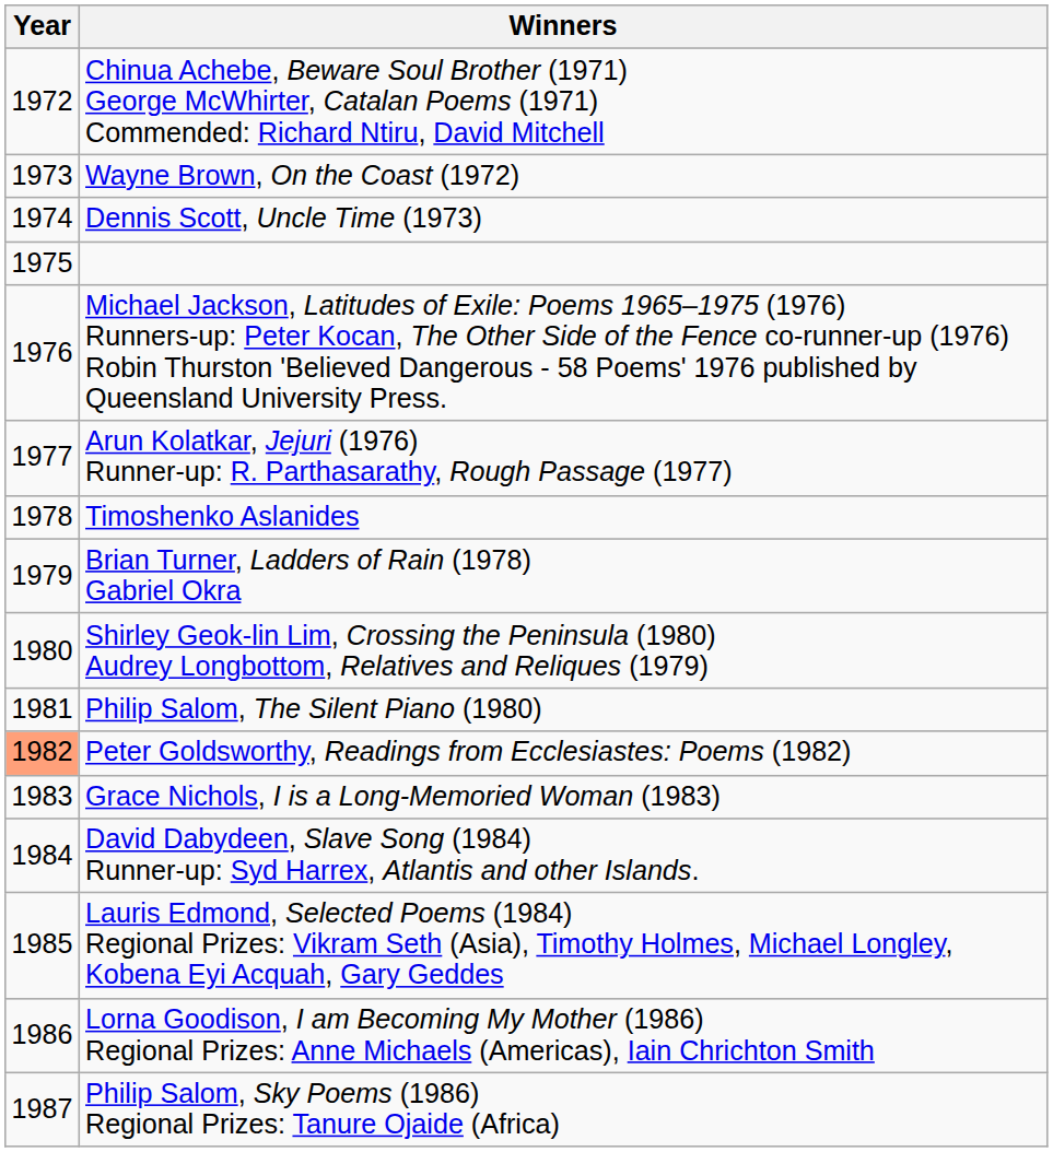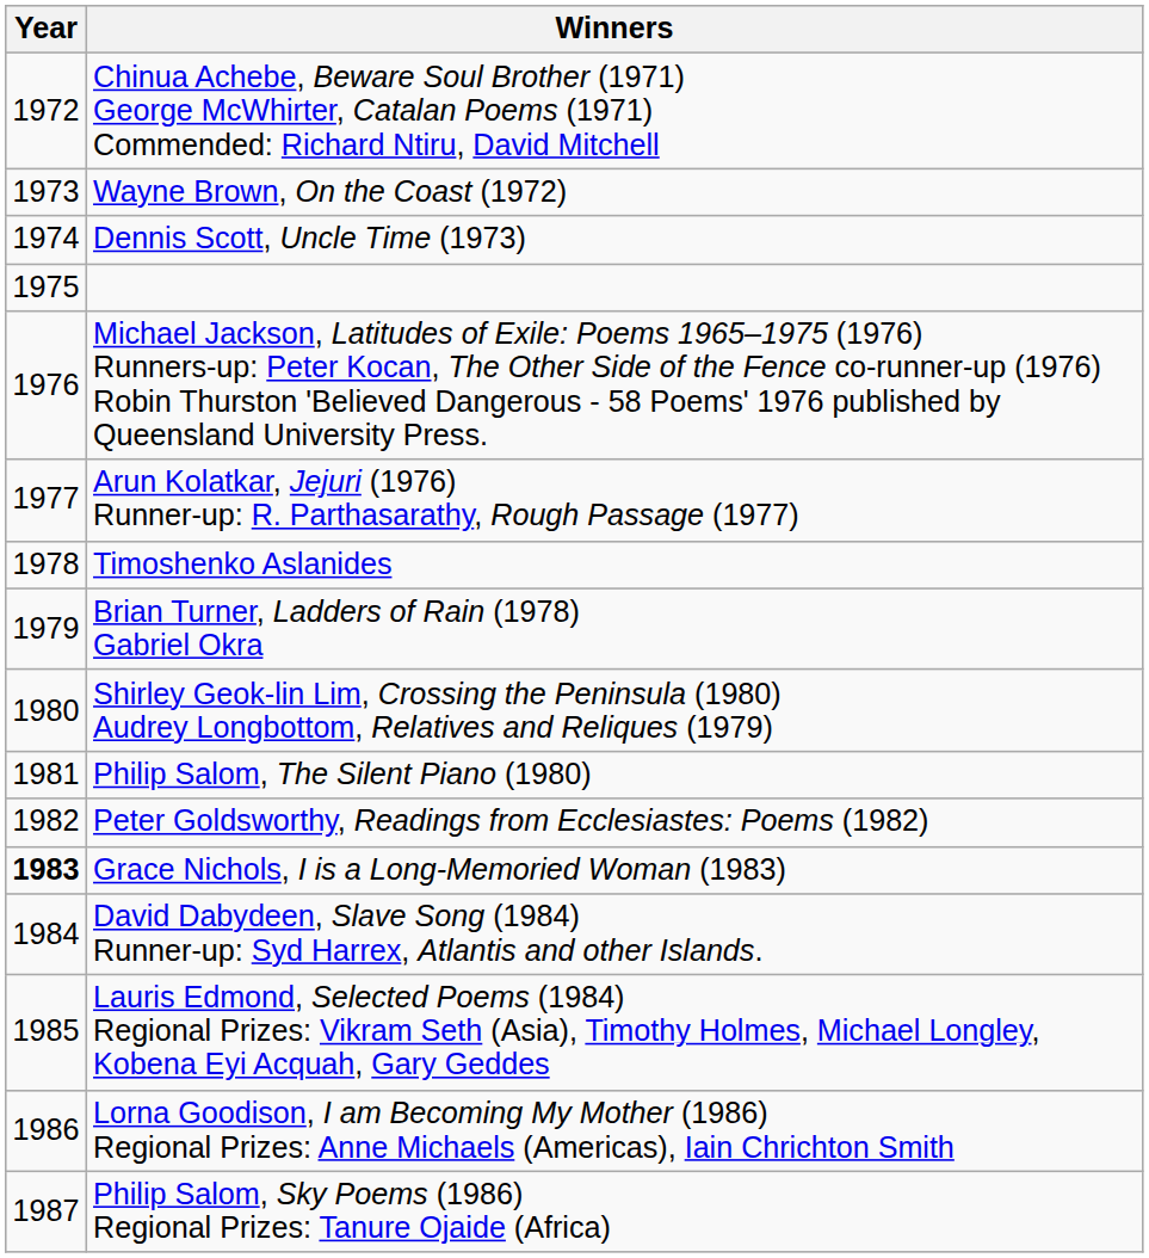 <table class="wikitable">
 <tr>
 <th>Year</th>
 <th>Winners</th>
 </tr>
 <tr>
 <td>1972</td>
 <td><a href='#'>Chinua Achebe</a>, <em>Beware Soul Brother</em> (1971)<br><a href='#'>George McWhirter</a>, <em>Catalan Poems</em> (1971)<br>Commended: <a href='#'>Richard Ntiru</a>, <a href='#'>David Mitchell</a></td>
 </tr>
 <tr>
 <td>1973</td>
 <td><a href='#'>Wayne Brown</a>, <em>On the Coast</em> (1972)</td>
 </tr>
 <tr>
 <td>1974</td>
 <td><a href='#'>Dennis Scott</a>, <em>Uncle Time</em> (1973)</td>
 </tr>
 <tr>
 <td>1975</td>
 <td></td>
 </tr>
 <tr>
 <td>1976</td>
 <td><a href='#'>Michael Jackson</a>, <em>Latitudes of Exile: Poems 1965–1975</em> (1976)<br>Runners-up: <a href='#'>Peter Kocan</a>, <em>The Other Side of the Fence</em> co-runner-up (1976) Robin Thurston 'Believed Dangerous - 58 Poems' 1976 published by Queensland University Press.</td>
 </tr>
 <tr>
 <td>1977</td>
 <td><a href='#'>Arun Kolatkar</a>, <em><a href='#'>Jejuri</a></em> (1976)<br>Runner-up: <a href='#'>R. Parthasarathy</a>, <em>Rough Passage</em> (1977)</td>
 </tr>
 <tr>
 <td>1978</td>
 <td><a href='#'>Timoshenko Aslanides</a></td>
 </tr>
 <tr>
 <td>1979</td>
 <td><a href='#'>Brian Turner</a>, <em>Ladders of Rain</em> (1978)<br><a href='#'>Gabriel Okra</a></td>
 </tr>
 <tr>
 <td>1980</td>
 <td><a href='#'>Shirley Geok-lin Lim</a>, <em>Crossing the Peninsula</em> (1980)<br><a href='#'>Audrey Longbottom</a>, <em>Relatives and Reliques</em> (1979)</td>
 </tr>
 <tr>
 <td>1981</td>
 <td><a href='#'>Philip Salom</a>, <em>The Silent Piano</em> (1980)</td>
 </tr>
 <tr>
-<td style="background: lightsalmon;">1982</td>
+<td>1982</td>
 <td><a href='#'>Peter Goldsworthy</a>, <em>Readings from Ecclesiastes: Poems</em> (1982)</td>
 </tr>
 <tr>
-<td>1983</td>
+<td><strong>1983</strong></td>
 <td><a href='#'>Grace Nichols</a>, <em>I is a Long-Memoried Woman</em> (1983)</td>
 </tr>
 <tr>
 <td>1984</td>
 <td><a href='#'>David Dabydeen</a>, <em>Slave Song</em> (1984)<br>Runner-up: <a href='#'>Syd Harrex</a>, <em>Atlantis and other Islands</em>.</td>
 </tr>
 <tr>
 <td>1985</td>
 <td><a href='#'>Lauris Edmond</a>, <em>Selected Poems</em> (1984)<br>Regional Prizes: <a href='#'>Vikram Seth</a> (Asia), <a href='#'>Timothy Holmes</a>, <a href='#'>Michael Longley</a>, <a href='#'>Kobena Eyi Acquah</a>, <a href='#'>Gary Geddes</a></td>
 </tr>
 <tr>
 <td>1986</td>
 <td><a href='#'>Lorna Goodison</a>, <em>I am Becoming My Mother</em> (1986)<br>Regional Prizes: <a href='#'>Anne Michaels</a> (Americas), <a href='#'>Iain Chrichton Smith</a></td>
 </tr>
 <tr>
 <td>1987</td>
 <td><a href='#'>Philip Salom</a>, <em>Sky Poems</em> (1986) <br>Regional Prizes: <a href='#'>Tanure Ojaide</a> (Africa)</td>
 </tr>
 </table>
